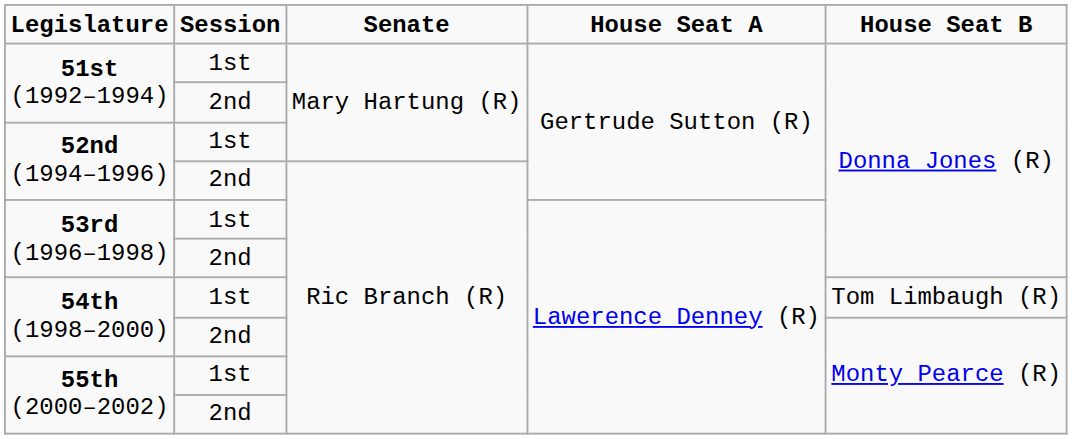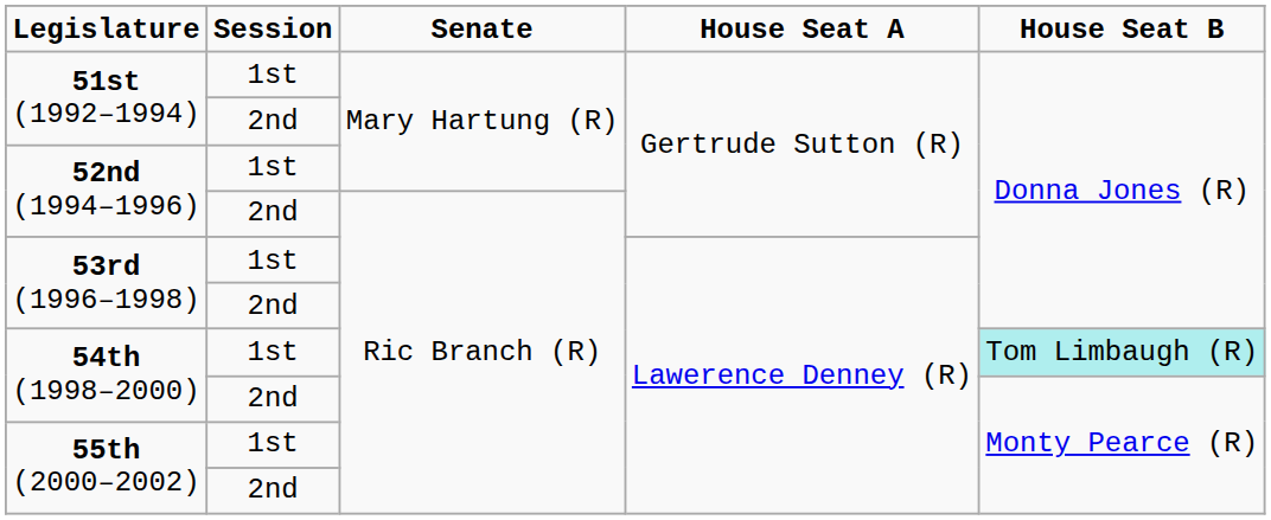 <table class=wikitable style="text-align:center">
 <tr>
 <td><strong>Legislature</strong></td>
 <td><strong>Session</strong></td>
 <td><strong>Senate</strong></td>
 <td><strong>House Seat A</strong></td>
 <td><strong>House Seat B</strong></td>
 </tr>
 <tr>
 <td rowspan="2" colspan="1" style="text-align: center;"><strong>51st</strong> <br> (1992–1994)</td>
 <td>1st</td>
 <td rowspan="3" colspan="1" style="text-align: center;" >Mary Hartung (R)</td>
 <td rowspan="4" colspan="1" style="text-align: center;" >Gertrude Sutton (R)</td>
 <td rowspan="6" colspan="1" style="text-align: center;" ><a href='#'>Donna Jones</a> (R)</td>
 </tr>
 <tr>
 <td>2nd</td>
 </tr>
 <tr>
 <td rowspan="2" colspan="1" style="text-align: center;"><strong>52nd</strong> <br> (1994–1996)</td>
 <td>1st</td>
 </tr>
 <tr>
 <td>2nd</td>
 <td rowspan="7" colspan="1" style="text-align: center;" >Ric Branch (R)</td>
 </tr>
 <tr>
 <td rowspan="2" colspan="1" style="text-align: center;"><strong>53rd</strong> <br> (1996–1998)</td>
 <td>1st</td>
 <td rowspan="6" colspan="1" style="text-align: center;" ><a href='#'>Lawerence Denney</a> (R)</td>
 </tr>
 <tr>
 <td>2nd</td>
 </tr>
 <tr>
 <td rowspan="2" colspan="1" style="text-align: center;"><strong>54th</strong> <br> (1998–2000)</td>
 <td>1st</td>
-<td rowspan="1" colspan="1" style="text-align: center;" >Tom Limbaugh (R)</td>
+<td rowspan="1" colspan="1" style="background: paleturquoise; text-align: center;" >Tom Limbaugh (R)</td>
 </tr>
 <tr>
 <td>2nd</td>
 <td rowspan="3" colspan="1" style="text-align: center;" ><a href='#'>Monty Pearce</a> (R)</td>
 </tr>
 <tr>
 <td rowspan="2" colspan="1" style="text-align: center;"><strong>55th</strong> <br> (2000–2002)</td>
 <td>1st</td>
 </tr>
 <tr>
 <td>2nd</td>
 </tr>
 </table>
